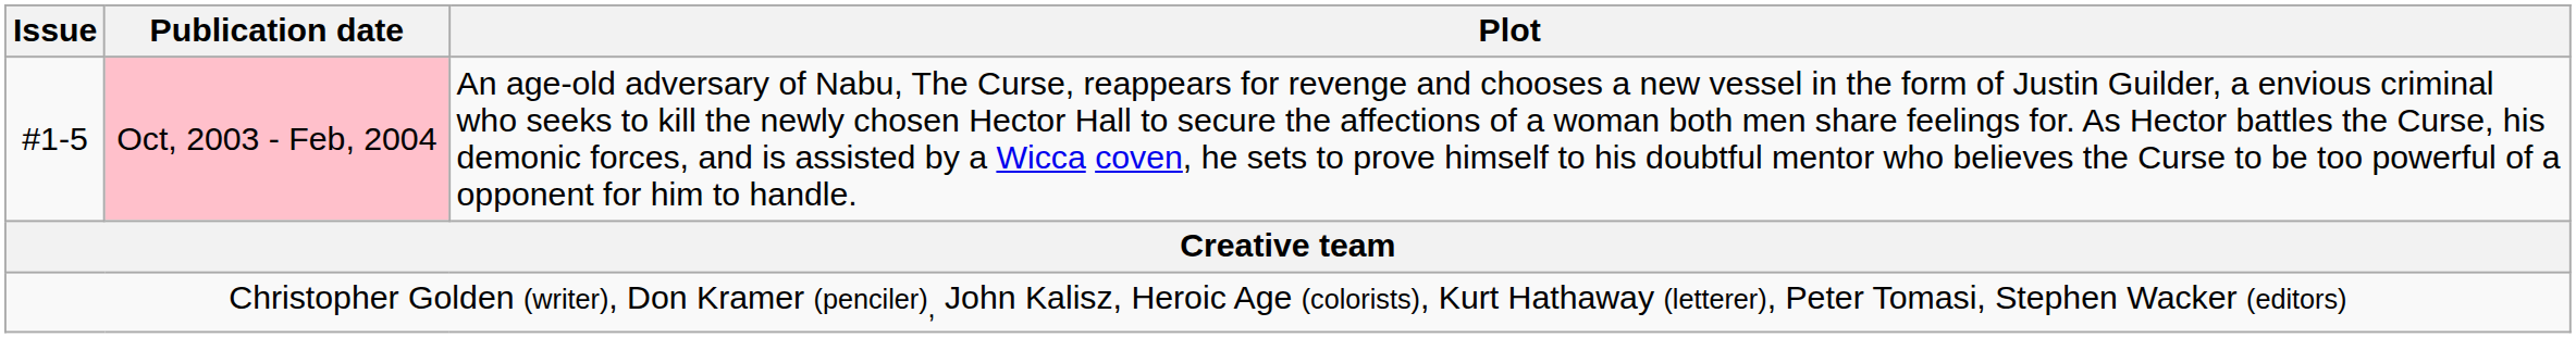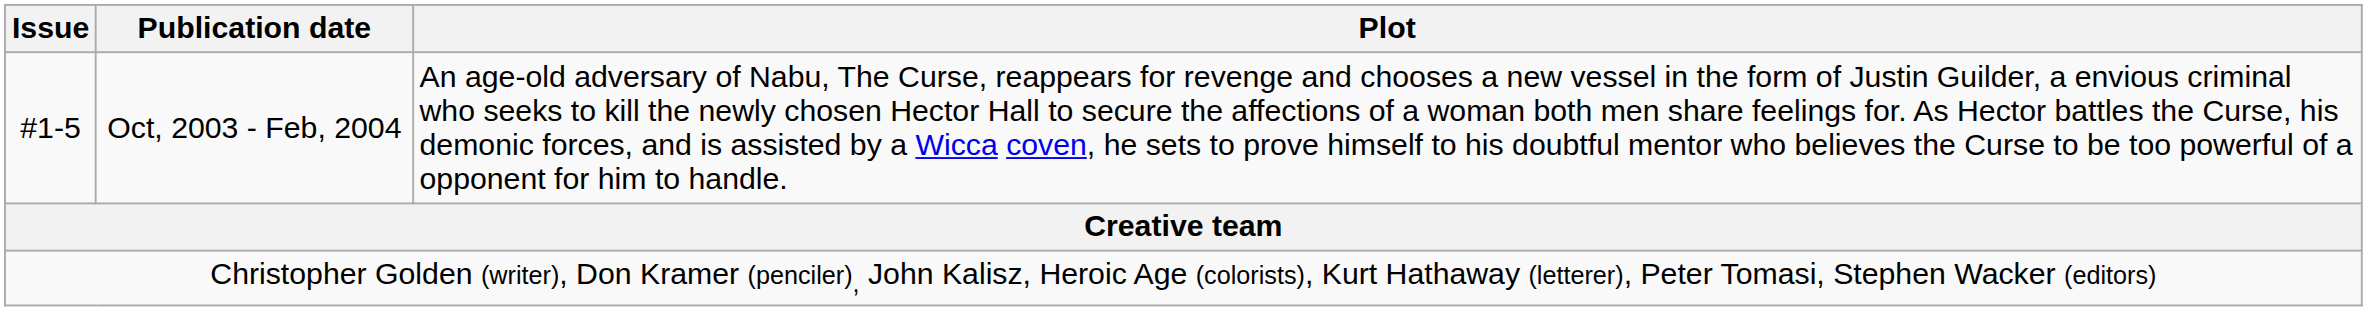 <table class="wikitable" style="text-align: center">
 <tr>
 <th>Issue</th>
 <th style="width: 10em">Publication date</th>
 <th>Plot</th>
 </tr>
 <tr>
 <td>#1-5</td>
-<td style="background: pink;">Oct, 2003 - Feb, 2004</td>
+<td>Oct, 2003 - Feb, 2004</td>
 <td align="left">An age-old adversary of Nabu, The Curse, reappears for revenge and chooses a new vessel in the form of Justin Guilder, a envious criminal who seeks to kill the newly chosen Hector Hall to secure the affections of a woman both men share feelings for. As Hector battles the Curse, his demonic forces, and is assisted by a <a href='#'>Wicca</a> <a href='#'>coven</a>, he sets to prove himself to his doubtful mentor who believes the Curse to be too powerful of a opponent for him to handle.</td>
 </tr>
 <tr>
 <th colspan="3">Creative team</th>
 </tr>
 <tr>
 <td colspan="3">Christopher Golden <small>(writer)</small>,  Don Kramer <small>(penciler)</small><sub>,</sub> John Kalisz, Heroic Age <small>(colorists)</small>, Kurt Hathaway <small>(letterer)</small>, Peter Tomasi, Stephen Wacker <small>(editors)</small></td>
 </tr>
 </table>
